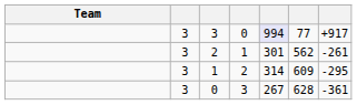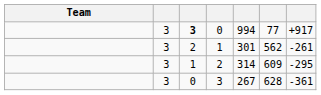 <table class="wikitable" style="text-align: center; font-size: 90%;">
 <tr>
 <th width=165>Team</th>
 <th width=25></th>
 <th width=25></th>
 <th width=25></th>
 <th width=25></th>
 <th width=25></th>
 <th width=25></th>
 </tr>
 <tr>
 <td style="text-align:left;"></td>
 <td>3</td>
-<td>3</td>
+<td><strong>3</strong></td>
 <td>0</td>
-<td style="background: lavender;">994</td>
+<td>994</td>
 <td>77</td>
 <td>+917</td>
 </tr>
 <tr>
 <td style="text-align:left;"></td>
 <td>3</td>
 <td>2</td>
 <td>1</td>
 <td>301</td>
 <td>562</td>
 <td>-261</td>
 </tr>
 <tr>
 <td style="text-align:left;"></td>
 <td>3</td>
 <td>1</td>
 <td>2</td>
 <td>314</td>
 <td>609</td>
 <td>-295</td>
 </tr>
 <tr>
 <td style="text-align:left;"></td>
 <td>3</td>
 <td>0</td>
 <td>3</td>
 <td>267</td>
 <td>628</td>
 <td>-361</td>
 </tr>
 </table>
